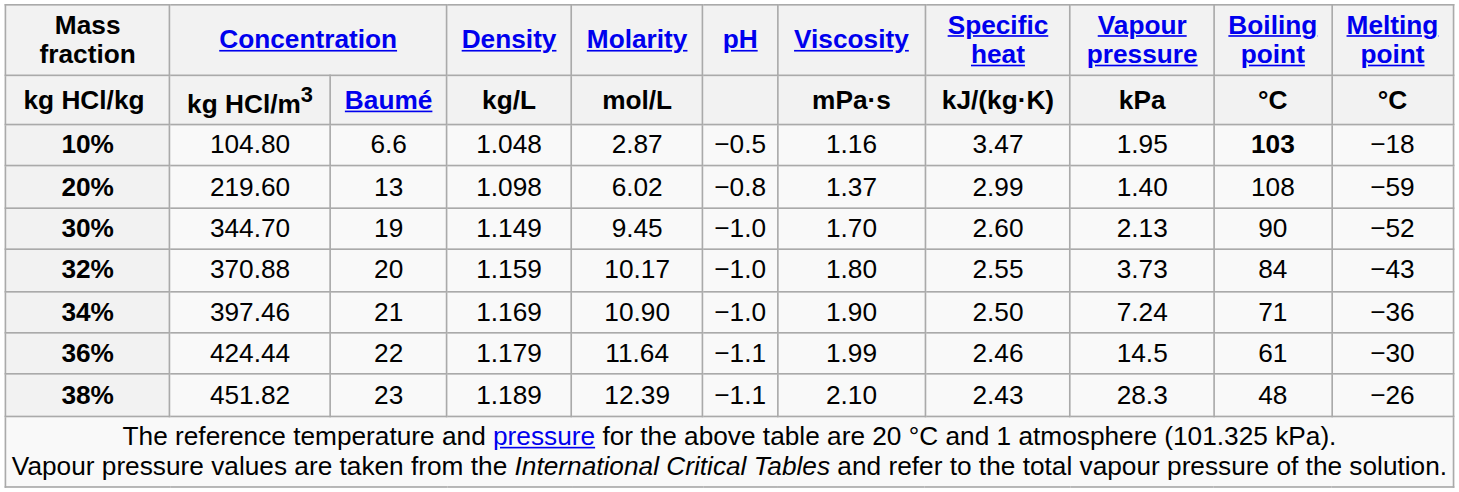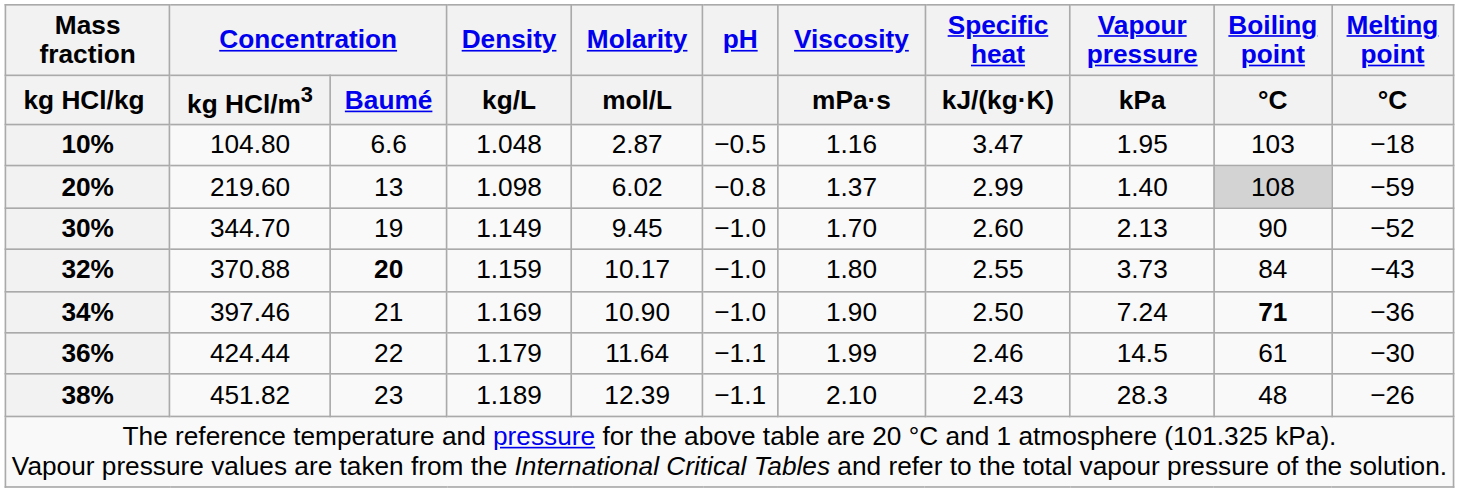 <table class="wikitable" style="margin: 0 auto; text-align: center;">
 <tr>
 <th>Mass <br>fraction</th>
 <th colspan=2><a href='#'>Concentration</a></th>
 <th><a href='#'>Density</a></th>
 <th><a href='#'>Molarity</a></th>
 <th><a href='#'>pH</a></th>
 <th><a href='#'>Viscosity</a></th>
 <th><a href='#'>Specific<br>heat</a></th>
 <th><a href='#'>Vapour<br>pressure</a></th>
 <th><a href='#'>Boiling<br>point</a></th>
 <th><a href='#'>Melting<br>point</a></th>
 </tr>
 <tr>
 <th>kg HCl/kg </th>
 <th>kg HCl/m<sup>3</sup></th>
 <th><a href='#'>Baumé</a></th>
 <th>kg/L</th>
 <th>mol/L</th>
 <th></th>
 <th>mPa·s</th>
 <th>kJ/(kg·K)</th>
 <th>kPa</th>
 <th>°C</th>
 <th>°C</th>
 </tr>
 <tr>
 <th>10%</th>
 <td>104.80</td>
 <td>6.6</td>
 <td>1.048</td>
 <td>2.87</td>
 <td>−0.5</td>
 <td>1.16</td>
 <td>3.47</td>
 <td>1.95</td>
-<td><strong>103</strong></td>
+<td>103</td>
 <td>−18</td>
 </tr>
 <tr>
 <th>20%</th>
 <td>219.60</td>
 <td>13</td>
 <td>1.098</td>
 <td>6.02</td>
 <td>−0.8</td>
 <td>1.37</td>
 <td>2.99</td>
 <td>1.40</td>
-<td>108</td>
+<td style="background: lightgrey;">108</td>
 <td>−59</td>
 </tr>
 <tr>
 <th>30%</th>
 <td>344.70</td>
 <td>19</td>
 <td>1.149</td>
 <td>9.45</td>
 <td>−1.0</td>
 <td>1.70</td>
 <td>2.60</td>
 <td>2.13</td>
 <td>90</td>
 <td>−52</td>
 </tr>
 <tr>
 <th>32%</th>
 <td>370.88</td>
-<td>20</td>
+<td><strong>20</strong></td>
 <td>1.159</td>
 <td>10.17</td>
 <td>−1.0</td>
 <td>1.80</td>
 <td>2.55</td>
 <td>3.73</td>
 <td>84</td>
 <td>−43</td>
 </tr>
 <tr>
 <th>34%</th>
 <td>397.46</td>
 <td>21</td>
 <td>1.169</td>
 <td>10.90</td>
 <td>−1.0</td>
 <td>1.90</td>
 <td>2.50</td>
 <td>7.24</td>
-<td>71</td>
+<td><strong>71</strong></td>
 <td>−36</td>
 </tr>
 <tr>
 <th>36%</th>
 <td>424.44</td>
 <td>22</td>
 <td>1.179</td>
 <td>11.64</td>
 <td>−1.1</td>
 <td>1.99</td>
 <td>2.46</td>
 <td>14.5</td>
 <td>61</td>
 <td>−30</td>
 </tr>
 <tr>
 <th>38%</th>
 <td>451.82</td>
 <td>23</td>
 <td>1.189</td>
 <td>12.39</td>
 <td>−1.1</td>
 <td>2.10</td>
 <td>2.43</td>
 <td>28.3</td>
 <td>48</td>
 <td>−26</td>
 </tr>
 <tr>
 <td colspan=11>The reference temperature and <a href='#'>pressure</a> for the above table are 20 °C and 1 atmosphere (101.325 kPa).<br>Vapour pressure values are taken from the <em>International Critical Tables</em> and refer to the total vapour pressure of the solution.</td>
 </tr>
 </table>
